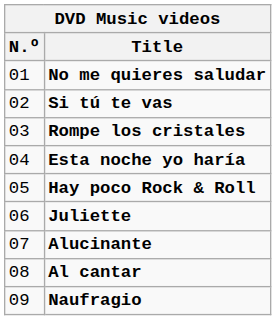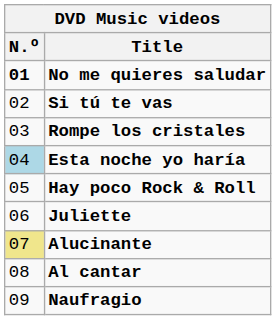 <table class="wikitable" align=center>
 <tr>
 <th colspan=2>DVD Music videos</th>
 </tr>
 <tr ---->
 <th>N.º</th>
 <th>Title</th>
 </tr>
 <tr ---->
-<td>01</td>
+<td><strong>01</strong></td>
 <td><strong>No me quieres saludar</strong></td>
 </tr>
 <tr ---->
 <td>02</td>
 <td><strong>Si tú te vas</strong></td>
 </tr>
 <tr ---->
 <td>03</td>
 <td><strong>Rompe los cristales</strong></td>
 </tr>
 <tr ---->
-<td>04</td>
+<td style="background: lightblue;">04</td>
 <td><strong>Esta noche yo haría</strong></td>
 </tr>
 <tr ---->
 <td>05</td>
 <td><strong>Hay poco Rock & Roll</strong></td>
 </tr>
 <tr ---->
 <td>06</td>
 <td><strong>Juliette</strong></td>
 </tr>
 <tr ---->
-<td>07</td>
+<td style="background: khaki;">07</td>
 <td><strong>Alucinante</strong></td>
 </tr>
 <tr ---->
 <td>08</td>
 <td><strong>Al cantar</strong></td>
 </tr>
 <tr ---->
 <td>09</td>
 <td><strong>Naufragio</strong></td>
 </tr>
 </table>
